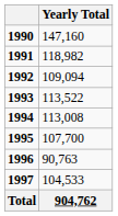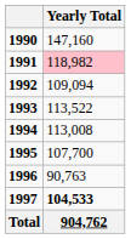 <table class="wikitable">
 <tr>
 <th></th>
 <th>Yearly Total</th>
 </tr>
 <tr>
 <td><strong>1990</strong></td>
 <td>147,160</td>
 </tr>
 <tr>
 <td><strong>1991</strong></td>
-<td>118,982</td>
+<td style="background: pink;">118,982</td>
 </tr>
 <tr>
 <td><strong>1992</strong></td>
 <td>109,094</td>
 </tr>
 <tr>
 <td><strong>1993</strong></td>
 <td>113,522</td>
 </tr>
 <tr>
 <td><strong>1994</strong></td>
 <td>113,008</td>
 </tr>
 <tr>
 <td><strong>1995</strong></td>
 <td>107,700</td>
 </tr>
 <tr>
 <td><strong>1996</strong></td>
 <td>90,763</td>
 </tr>
 <tr>
 <td><strong>1997</strong></td>
-<td>104,533</td>
+<td><strong>104,533</strong></td>
 </tr>
 <tr>
 <th>Total</th>
 <th><u>904,762</u></th>
 </tr>
 </table>
